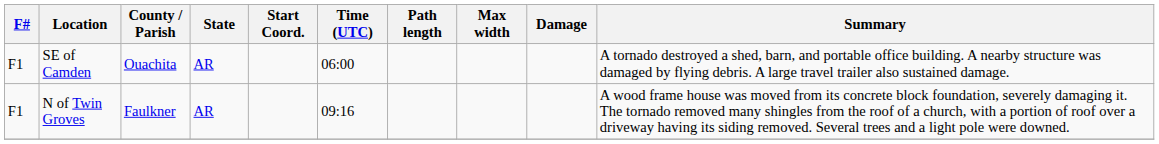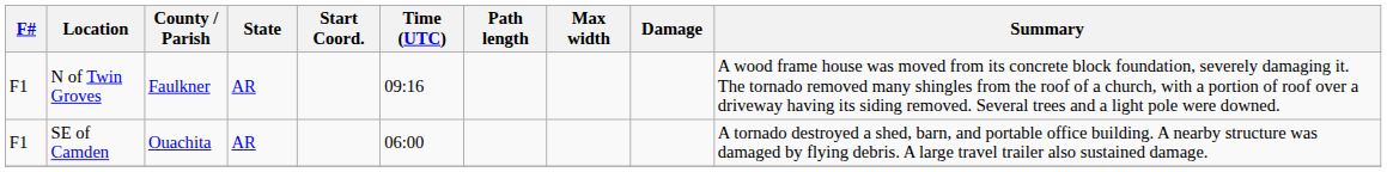 <table class="wikitable sortable" style="width:100%;">
 <tr>
 <th scope="col"  style="width:3%; text-align:center;"><a href='#'>F#</a></th>
 <th scope="col"  style="width:7%; text-align:center;" class="unsortable">Location</th>
 <th scope="col"  style="width:6%; text-align:center;" class="unsortable">County / Parish</th>
 <th scope="col"  style="width:5%; text-align:center;">State</th>
 <th scope="col"  style="width:6%; text-align:center;">Start Coord.</th>
 <th scope="col"  style="width:6%; text-align:center;">Time (<a href='#'>UTC</a>)</th>
 <th scope="col"  style="width:6%; text-align:center;">Path length</th>
 <th scope="col"  style="width:6%; text-align:center;">Max width</th>
 <th scope="col"  style="width:6%; text-align:center;">Damage</th>
 <th scope="col" class="unsortable" style="width:48%; text-align:center;">Summary</th>
 </tr>
 <tr>
 <td>F1</td>
+<td>N of <a href='#'>Twin Groves</a></td>
+<td><a href='#'>Faulkner</a></td>
+<td><a href='#'>AR</a></td>
+<td></td>
+<td>09:16</td>
+<td></td>
+<td></td>
+<td></td>
+<td>A wood frame house was moved from its concrete block foundation, severely damaging it. The tornado removed many shingles from the roof of a church, with a portion of roof over a driveway having its siding removed. Several trees and a light pole were downed.</td>
+</tr>
+<tr>
+<td>F1</td>
 <td>SE of <a href='#'>Camden</a></td>
 <td><a href='#'>Ouachita</a></td>
 <td><a href='#'>AR</a></td>
 <td></td>
 <td>06:00</td>
 <td></td>
 <td></td>
 <td></td>
 <td>A tornado destroyed a shed, barn, and portable office building. A nearby structure was damaged by flying debris. A large travel trailer also sustained damage.</td>
 </tr>
 <tr>
-<td>F1</td>
-<td>N of <a href='#'>Twin Groves</a></td>
-<td><a href='#'>Faulkner</a></td>
-<td><a href='#'>AR</a></td>
-<td></td>
-<td>09:16</td>
-<td></td>
-<td></td>
-<td></td>
-<td>A wood frame house was moved from its concrete block foundation, severely damaging it. The tornado removed many shingles from the roof of a church, with a portion of roof over a driveway having its siding removed. Several trees and a light pole were downed.</td>
-</tr>
-<tr>
 </tr>
 </table>
